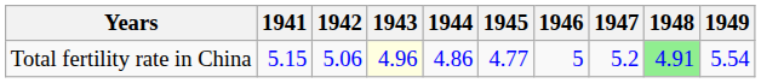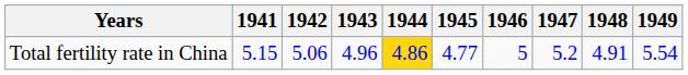 <table class="wikitable sortable" style="text-align:right">
 <tr>
 <th>Years</th>
 <th>1941</th>
 <th>1942</th>
 <th>1943</th>
 <th>1944</th>
 <th>1945</th>
 <th>1946</th>
 <th>1947</th>
 <th>1948</th>
 <th>1949</th>
 </tr>
 <tr>
 <td align="left">Total fertility rate in China</td>
 <td style="text-align:right; color:blue;">5.15</td>
 <td style="text-align:right; color:blue;">5.06</td>
-<td style="background: lightyellow; text-align:right; color:blue;">4.96</td>
-<td style="text-align:right; color:blue;">4.86</td>
+<td style="text-align:right; color:blue;">4.96</td>
+<td style="background: gold; text-align:right; color:blue;">4.86</td>
 <td style="text-align:right; color:blue;">4.77</td>
 <td style="text-align:right; color:blue;">5</td>
 <td style="text-align:right; color:blue;">5.2</td>
-<td style="background: lightgreen; text-align:right; color:blue;">4.91</td>
+<td style="text-align:right; color:blue;">4.91</td>
 <td style="text-align:right; color:blue;">5.54</td>
 </tr>
 </table>
